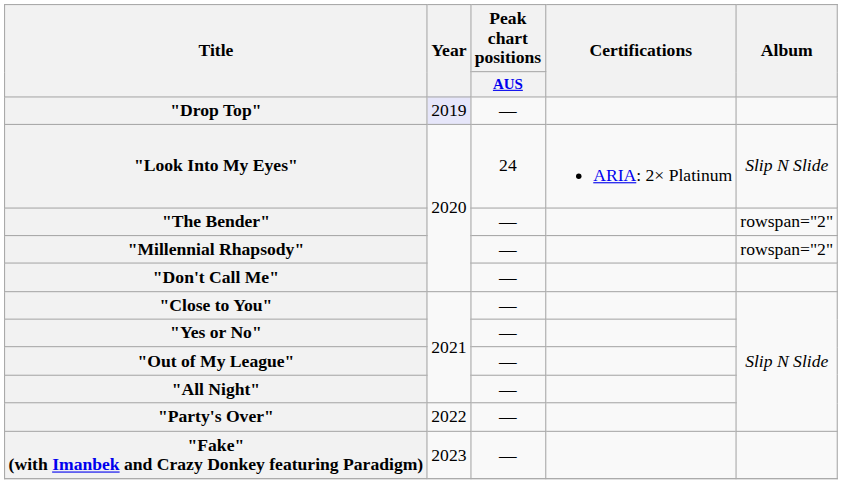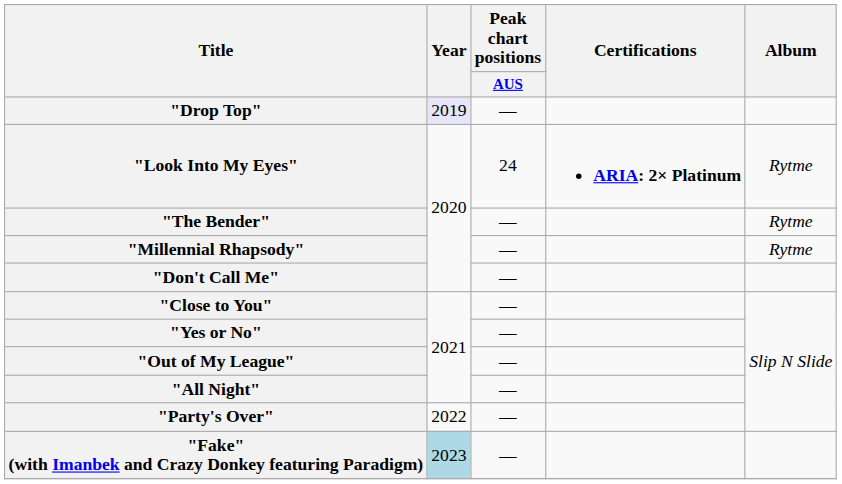 <table class="wikitable plainrowheaders" style="text-align:center;">
 <tr>
 <th scope="col" rowspan="2">Title</th>
 <th scope="col" rowspan="2">Year</th>
 <th scope="col" colspan="1">Peak chart positions</th>
 <th scope="col" rowspan="2">Certifications</th>
 <th scope="col" rowspan="2">Album</th>
 </tr>
 <tr>
 <th scope="col" style="width:3em;font-size:85%;"><a href='#'>AUS</a><br></th>
 </tr>
 <tr>
 <th scope="row">"Drop Top"</th>
 <td style="background: lavender;">2019</td>
 <td>—</td>
 <td></td>
 <td></td>
 </tr>
 <tr>
 <th scope="row">"Look Into My Eyes"</th>
 <td rowspan="4">2020</td>
 <td>24</td>
-<td><br><ul><li><a href='#'>ARIA</a>: 2× Platinum</li></ul></td>
-<td><em>Slip N Slide</em></td>
+<td><strong><br><ul><li><a href='#'>ARIA</a>: 2× Platinum</li></ul></strong></td>
+<td><em>Rytme</em></td>
 </tr>
 <tr>
 <th scope="row">"The Bender"<br></th>
 <td>—</td>
 <td></td>
-<td>rowspan="2" </td>
+<td><em>Rytme</em></td>
 </tr>
 <tr>
 <th scope="row">"Millennial Rhapsody"</th>
 <td>—</td>
 <td></td>
-<td>rowspan="2" </td>
+<td><em>Rytme</em></td>
 </tr>
 <tr>
 <th scope="row">"Don't Call Me"</th>
 <td>—</td>
 <td></td>
 </tr>
 <tr>
 <th scope="row">"Close to You"</th>
 <td rowspan="4">2021</td>
 <td>—</td>
 <td></td>
 <td rowspan="5"><em>Slip N Slide</em></td>
 </tr>
 <tr>
 <th scope="row">"Yes or No"</th>
 <td>—</td>
 <td></td>
 </tr>
 <tr>
 <th scope="row">"Out of My League"<br></th>
 <td>—</td>
 <td></td>
 </tr>
 <tr>
 <th scope="row">"All Night"</th>
 <td>—</td>
 <td></td>
 </tr>
 <tr>
 <th scope="row">"Party's Over"<br></th>
 <td>2022</td>
 <td>—</td>
 <td></td>
 </tr>
 <tr>
 <th scope="row">"Fake" <br><span>(with <a href='#'>Imanbek</a> and Crazy Donkey featuring Paradigm)</span></th>
-<td rowspan="1">2023</td>
+<td rowspan="1" style="background: lightblue;">2023</td>
 <td>—</td>
 <td></td>
 <td></td>
 </tr>
 <tr>
 </tr>
 </table>
